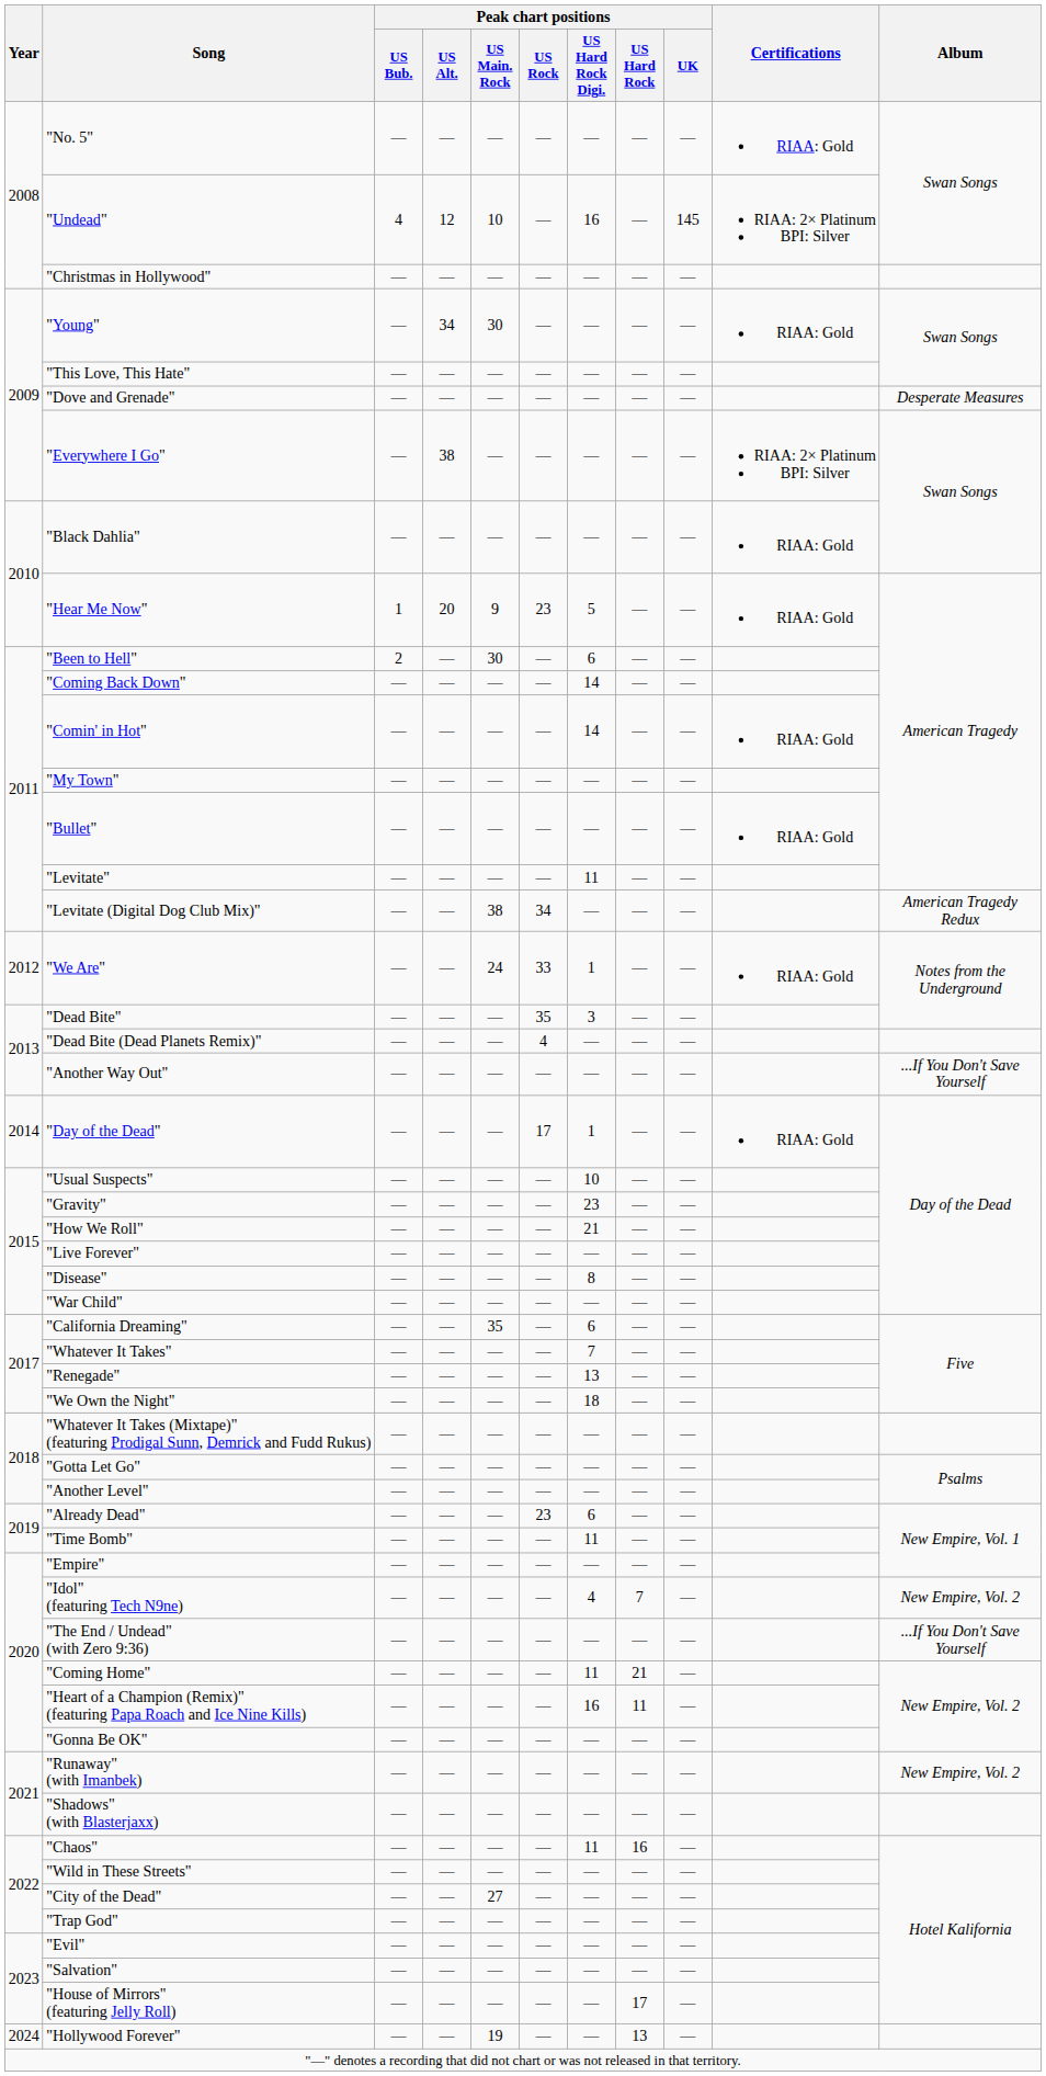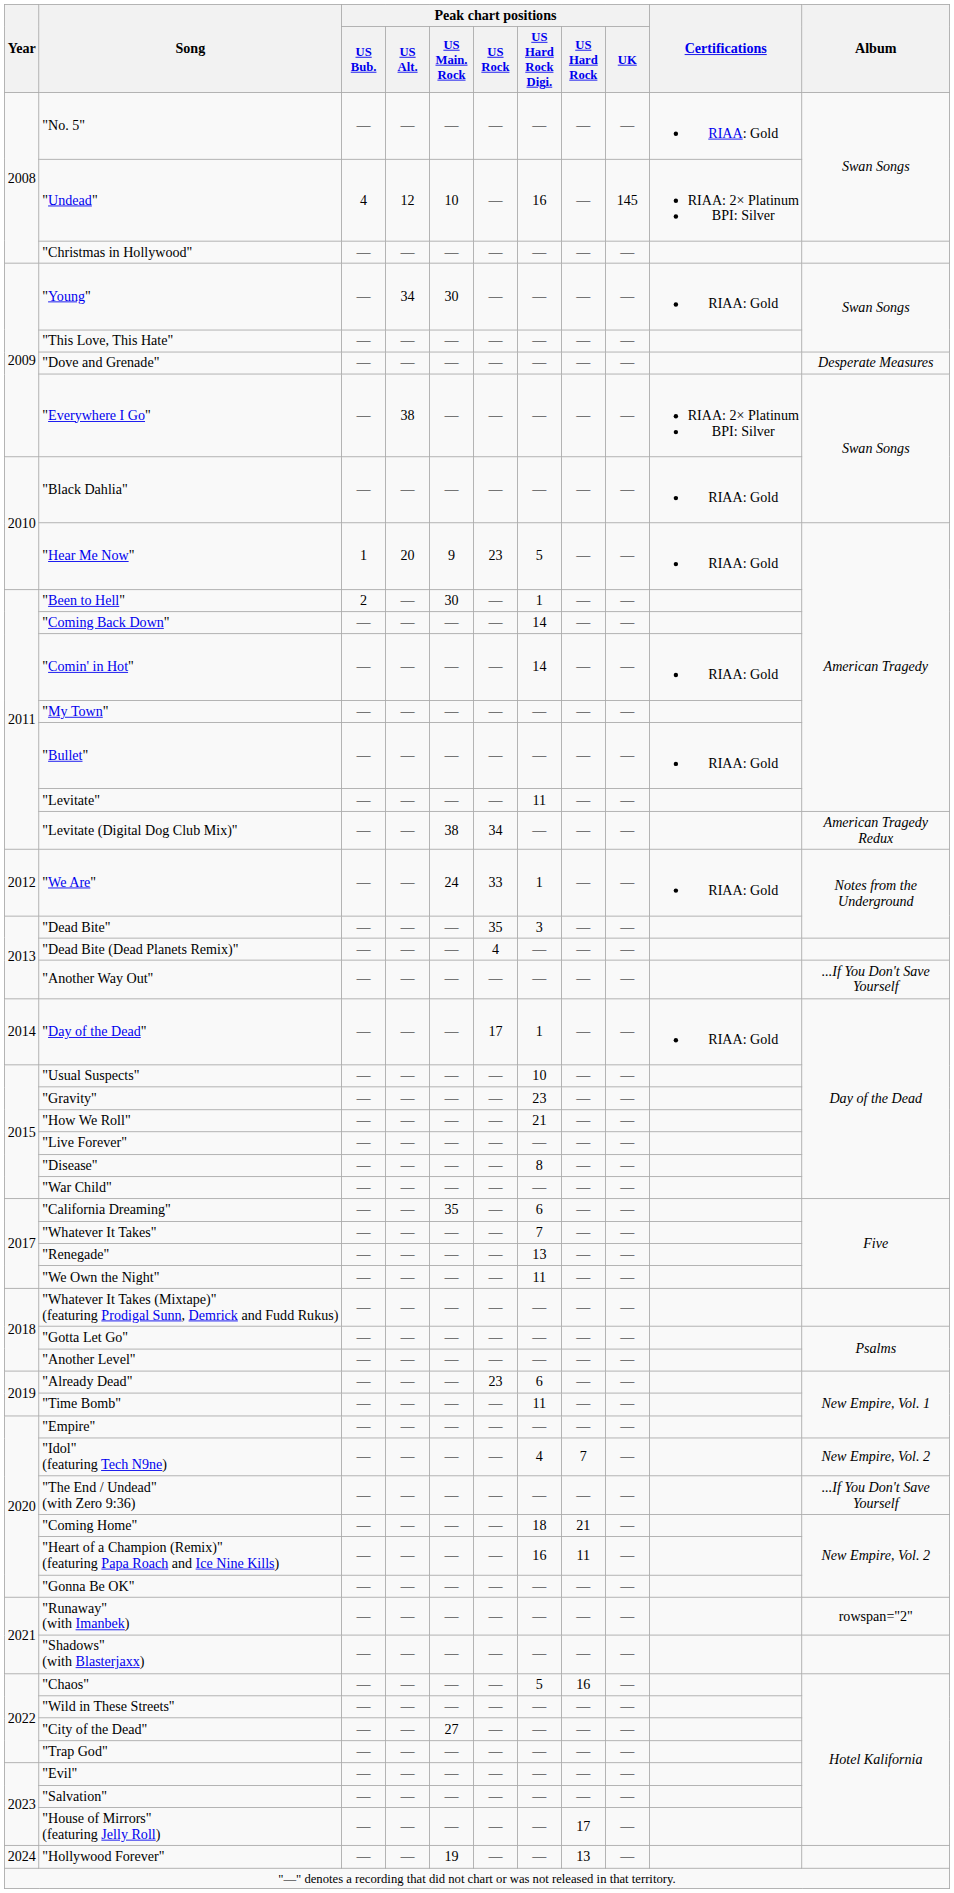 <table class="wikitable plainrowheaders" style="text-align:center;">
 <tr>
 <th scope="col" rowspan="2" style="2em">Year</th>
 <th scope="col" rowspan="2" style="16em">Song</th>
 <th scope="col" colspan="7">Peak chart positions</th>
 <th rowspan="2"><a href='#'>Certifications</a></th>
 <th scope="col" rowspan="2" style="width:10em;">Album</th>
 </tr>
 <tr>
 <th scope="col" style="width:3em;font-size:90%;"><a href='#'>US<br>Bub.</a><br></th>
 <th scope="col" style="width:3em;font-size:90%;"><a href='#'>US<br>Alt.</a><br></th>
 <th scope="col" style="width:3em;font-size:90%;"><a href='#'>US<br>Main. Rock</a><br></th>
 <th scope="col" style="width:3em;font-size:90%;"><a href='#'>US<br>Rock</a><br></th>
 <th scope="col" style="width:3em;font-size:90%;"><a href='#'>US Hard Rock Digi.</a></th>
 <th scope="col" style="width:3em;font-size:90%;"><a href='#'>US Hard Rock</a></th>
 <th scope="col" style="width:3em;font-size:90%;"><a href='#'>UK</a><br></th>
 </tr>
 <tr>
 <td rowspan="3">2008</td>
 <td scope="row" style="text-align:left;">"No. 5"</td>
 <td>—</td>
 <td>—</td>
 <td>—</td>
 <td>—</td>
 <td>—</td>
 <td>—</td>
 <td>—</td>
 <td><br><ul><li><a href='#'>RIAA</a>: Gold</li></ul></td>
 <td rowspan="2"><em>Swan Songs</em></td>
 </tr>
 <tr>
 <td scope="row" style="text-align:left;">"<a href='#'>Undead</a>"</td>
 <td>4</td>
 <td>12</td>
 <td>10</td>
 <td>—</td>
 <td>16</td>
 <td>—</td>
 <td>145</td>
 <td><br><ul><li>RIAA: 2× Platinum</li><li>BPI: Silver</li></ul></td>
 </tr>
 <tr>
 <td scope="row" style="text-align:left;">"Christmas in Hollywood"</td>
 <td>—</td>
 <td>—</td>
 <td>—</td>
 <td>—</td>
 <td>—</td>
 <td>—</td>
 <td>—</td>
 <td></td>
 <td></td>
 </tr>
 <tr>
 <td rowspan="4">2009</td>
 <td scope="row" style="text-align:left;">"<a href='#'>Young</a>"</td>
 <td>—</td>
 <td>34</td>
 <td>30</td>
 <td>—</td>
 <td>—</td>
 <td>—</td>
 <td>—</td>
 <td><br><ul><li>RIAA: Gold</li></ul></td>
 <td rowspan="2"><em>Swan Songs</em></td>
 </tr>
 <tr>
 <td scope="row" style="text-align:left;">"This Love, This Hate"</td>
 <td>—</td>
 <td>—</td>
 <td>—</td>
 <td>—</td>
 <td>—</td>
 <td>—</td>
 <td>—</td>
 <td></td>
 </tr>
 <tr>
 <td scope="row" style="text-align:left;">"Dove and Grenade"</td>
 <td>—</td>
 <td>—</td>
 <td>—</td>
 <td>—</td>
 <td>—</td>
 <td>—</td>
 <td>—</td>
 <td></td>
 <td><em>Desperate Measures</em></td>
 </tr>
 <tr>
 <td scope="row" style="text-align:left;">"<a href='#'>Everywhere I Go</a>"</td>
 <td>—</td>
 <td>38</td>
 <td>—</td>
 <td>—</td>
 <td>—</td>
 <td>—</td>
 <td>—</td>
 <td><br><ul><li>RIAA: 2× Platinum</li><li>BPI: Silver</li></ul></td>
 <td rowspan="2"><em>Swan Songs</em></td>
 </tr>
 <tr>
 <td rowspan="2">2010</td>
 <td scope="row" style="text-align:left;">"Black Dahlia"</td>
 <td>—</td>
 <td>—</td>
 <td>—</td>
 <td>—</td>
 <td>—</td>
 <td>—</td>
 <td>—</td>
 <td><br><ul><li>RIAA: Gold</li></ul></td>
 </tr>
 <tr>
 <td scope="row" style="text-align:left;">"<a href='#'>Hear Me Now</a>"</td>
 <td>1</td>
 <td>20</td>
 <td>9</td>
 <td>23</td>
 <td>5</td>
 <td>—</td>
 <td>—</td>
 <td><br><ul><li>RIAA: Gold</li></ul></td>
 <td rowspan="7"><em>American Tragedy</em></td>
 </tr>
 <tr>
 <td rowspan="7">2011</td>
 <td scope="row" style="text-align:left;">"<a href='#'>Been to Hell</a>"</td>
 <td>2</td>
 <td>—</td>
 <td>30</td>
 <td>—</td>
-<td>6</td>
+<td>1</td>
 <td>—</td>
 <td>—</td>
 <td></td>
 </tr>
 <tr>
 <td scope="row" style="text-align:left;">"<a href='#'>Coming Back Down</a>"</td>
 <td>—</td>
 <td>—</td>
 <td>—</td>
 <td>—</td>
 <td>14</td>
 <td>—</td>
 <td>—</td>
 <td></td>
 </tr>
 <tr>
 <td scope="row" style="text-align:left;">"<a href='#'>Comin' in Hot</a>"</td>
 <td>—</td>
 <td>—</td>
 <td>—</td>
 <td>—</td>
 <td>14</td>
 <td>—</td>
 <td>—</td>
 <td><br><ul><li>RIAA: Gold</li></ul></td>
 </tr>
 <tr>
 <td scope="row" style="text-align:left;">"<a href='#'>My Town</a>"</td>
 <td>—</td>
 <td>—</td>
 <td>—</td>
 <td>—</td>
 <td>—</td>
 <td>—</td>
 <td>—</td>
 <td></td>
 </tr>
 <tr>
 <td scope="row" style="text-align:left;">"<a href='#'>Bullet</a>"</td>
 <td>—</td>
 <td>—</td>
 <td>—</td>
 <td>—</td>
 <td>—</td>
 <td>—</td>
 <td>—</td>
 <td><br><ul><li>RIAA: Gold</li></ul></td>
 </tr>
 <tr>
 <td scope="row" style="text-align:left;">"Levitate"</td>
 <td>—</td>
 <td>—</td>
 <td>—</td>
 <td>—</td>
 <td>11</td>
 <td>—</td>
 <td>—</td>
 <td></td>
 </tr>
 <tr>
 <td scope="row" style="text-align:left;">"Levitate (Digital Dog Club Mix)"</td>
 <td>—</td>
 <td>—</td>
 <td>38</td>
 <td>34</td>
 <td>—</td>
 <td>—</td>
 <td>—</td>
 <td></td>
 <td><em>American Tragedy Redux</em></td>
 </tr>
 <tr>
 <td>2012</td>
 <td scope="row" style="text-align:left;">"<a href='#'>We Are</a>"</td>
 <td>—</td>
 <td>—</td>
 <td>24</td>
 <td>33</td>
 <td>1</td>
 <td>—</td>
 <td>—</td>
 <td><br><ul><li>RIAA: Gold</li></ul></td>
 <td rowspan="2"><em>Notes from the Underground</em></td>
 </tr>
 <tr>
 <td rowspan="3">2013</td>
 <td scope="row" style="text-align:left;">"Dead Bite"</td>
 <td>—</td>
 <td>—</td>
 <td>—</td>
 <td>35</td>
 <td>3</td>
 <td>—</td>
 <td>—</td>
 <td></td>
 </tr>
 <tr>
 <td scope="row" style="text-align:left;">"Dead Bite (Dead Planets Remix)"</td>
 <td>—</td>
 <td>—</td>
 <td>—</td>
 <td>4</td>
 <td>—</td>
 <td>—</td>
 <td>—</td>
 <td></td>
 <td></td>
 </tr>
 <tr>
 <td scope="row" style="text-align:left;">"Another Way Out"</td>
 <td>—</td>
 <td>—</td>
 <td>—</td>
 <td>—</td>
 <td>—</td>
 <td>—</td>
 <td>—</td>
 <td></td>
 <td><em>...If You Don't Save Yourself</em></td>
 </tr>
 <tr>
 <td>2014</td>
 <td scope="row" style="text-align:left;">"<a href='#'>Day of the Dead</a>"</td>
 <td>—</td>
 <td>—</td>
 <td>—</td>
 <td>17</td>
 <td>1</td>
 <td>—</td>
 <td>—</td>
 <td><br><ul><li>RIAA: Gold</li></ul></td>
 <td rowspan="7"><em>Day of the Dead</em></td>
 </tr>
 <tr>
 <td rowspan="6">2015</td>
 <td scope="row" style="text-align:left;">"Usual Suspects"</td>
 <td>—</td>
 <td>—</td>
 <td>—</td>
 <td>—</td>
 <td>10</td>
 <td>—</td>
 <td>—</td>
 <td></td>
 </tr>
 <tr>
 <td scope="row" style="text-align:left;">"Gravity"</td>
 <td>—</td>
 <td>—</td>
 <td>—</td>
 <td>—</td>
 <td>23</td>
 <td>—</td>
 <td>—</td>
 <td></td>
 </tr>
 <tr>
 <td scope="row" style="text-align:left;">"How We Roll"</td>
 <td>—</td>
 <td>—</td>
 <td>—</td>
 <td>—</td>
 <td>21</td>
 <td>—</td>
 <td>—</td>
 <td></td>
 </tr>
 <tr>
 <td scope="row" style="text-align:left;">"Live Forever"</td>
 <td>—</td>
 <td>—</td>
 <td>—</td>
 <td>—</td>
 <td>—</td>
 <td>—</td>
 <td>—</td>
 <td></td>
 </tr>
 <tr>
 <td scope="row" style="text-align:left;">"Disease"</td>
 <td>—</td>
 <td>—</td>
 <td>—</td>
 <td>—</td>
 <td>8</td>
 <td>—</td>
 <td>—</td>
 <td></td>
 </tr>
 <tr>
 <td scope="row" style="text-align:left;">"War Child"</td>
 <td>—</td>
 <td>—</td>
 <td>—</td>
 <td>—</td>
 <td>—</td>
 <td>—</td>
 <td>—</td>
 <td></td>
 </tr>
 <tr>
 <td rowspan="4">2017</td>
 <td scope="row" style="text-align:left;">"California Dreaming"</td>
 <td>—</td>
 <td>—</td>
 <td>35</td>
 <td>—</td>
 <td>6</td>
 <td>—</td>
 <td>—</td>
 <td></td>
 <td rowspan="4"><em>Five</em></td>
 </tr>
 <tr>
 <td scope="row" style="text-align:left;">"Whatever It Takes"</td>
 <td>—</td>
 <td>—</td>
 <td>—</td>
 <td>—</td>
 <td>7</td>
 <td>—</td>
 <td>—</td>
 <td></td>
 </tr>
 <tr>
 <td scope="row" style="text-align:left;">"Renegade"</td>
 <td>—</td>
 <td>—</td>
 <td>—</td>
 <td>—</td>
 <td>13</td>
 <td>—</td>
 <td>—</td>
 <td></td>
 </tr>
 <tr>
 <td scope="row" style="text-align:left;">"We Own the Night"</td>
 <td>—</td>
 <td>—</td>
 <td>—</td>
 <td>—</td>
-<td>18</td>
+<td>11</td>
 <td>—</td>
 <td>—</td>
 <td></td>
 </tr>
 <tr>
 <td rowspan="3">2018</td>
 <td scope="row" style="text-align:left;">"Whatever It Takes (Mixtape)"<br><span>(featuring <a href='#'>Prodigal Sunn</a>, <a href='#'>Demrick</a> and Fudd Rukus)</span></td>
 <td>—</td>
 <td>—</td>
 <td>—</td>
 <td>—</td>
 <td>—</td>
 <td>—</td>
 <td>—</td>
 <td></td>
 <td></td>
 </tr>
 <tr>
 <td scope="row" style="text-align:left;">"Gotta Let Go"</td>
 <td>—</td>
 <td>—</td>
 <td>—</td>
 <td>—</td>
 <td>—</td>
 <td>—</td>
 <td>—</td>
 <td></td>
 <td rowspan="2"><em>Psalms</em></td>
 </tr>
 <tr>
 <td scope="row" style="text-align:left;">"Another Level"</td>
 <td>—</td>
 <td>—</td>
 <td>—</td>
 <td>—</td>
 <td>—</td>
 <td>—</td>
 <td>—</td>
 <td></td>
 </tr>
 <tr>
 <td rowspan="2">2019</td>
 <td scope="row" style="text-align:left;">"Already Dead"</td>
 <td>—</td>
 <td>—</td>
 <td>—</td>
 <td>23</td>
 <td>6</td>
 <td>—</td>
 <td>—</td>
 <td></td>
 <td rowspan="3"><em>New Empire, Vol. 1</em></td>
 </tr>
 <tr>
 <td scope="row" style="text-align:left;">"Time Bomb"</td>
 <td>—</td>
 <td>—</td>
 <td>—</td>
 <td>—</td>
 <td>11</td>
 <td>—</td>
 <td>—</td>
 <td></td>
 </tr>
 <tr>
 <td rowspan="6">2020</td>
 <td scope="row" style="text-align:left;">"Empire"</td>
 <td>—</td>
 <td>—</td>
 <td>—</td>
 <td>—</td>
 <td>—</td>
 <td>—</td>
 <td>—</td>
 <td></td>
 </tr>
 <tr>
 <td scope="row" style="text-align:left;">"Idol"<br><span>(featuring <a href='#'>Tech N9ne</a>)</span></td>
 <td>—</td>
 <td>—</td>
 <td>—</td>
 <td>—</td>
 <td>4</td>
 <td>7</td>
 <td>—</td>
 <td></td>
 <td><em>New Empire, Vol. 2</em></td>
 </tr>
 <tr>
 <td scope="row" style="text-align:left;">"The End / Undead"<br><span>(with Zero 9:36)</span></td>
 <td>—</td>
 <td>—</td>
 <td>—</td>
 <td>—</td>
 <td>—</td>
 <td>—</td>
 <td>—</td>
 <td></td>
 <td><em>...If You Don't Save Yourself</em></td>
 </tr>
 <tr>
 <td scope="row" style="text-align:left;">"Coming Home"</td>
 <td>—</td>
 <td>—</td>
 <td>—</td>
 <td>—</td>
-<td>11</td>
+<td>18</td>
 <td>21</td>
 <td>—</td>
 <td></td>
 <td rowspan="3"><em>New Empire, Vol. 2</em></td>
 </tr>
 <tr>
 <td scope="row" style="text-align:left;">"Heart of a Champion (Remix)"<br><span>(featuring <a href='#'>Papa Roach</a> and <a href='#'>Ice Nine Kills</a>)</span></td>
 <td>—</td>
 <td>—</td>
 <td>—</td>
 <td>—</td>
 <td>16</td>
 <td>11</td>
 <td>—</td>
 <td></td>
 </tr>
 <tr>
 <td scope="row" style="text-align:left;">"Gonna Be OK"</td>
 <td>—</td>
 <td>—</td>
 <td>—</td>
 <td>—</td>
 <td>—</td>
 <td>—</td>
 <td>—</td>
 <td></td>
 </tr>
 <tr>
 <td rowspan="2">2021</td>
 <td scope="row" style="text-align:left;">"Runaway"<br><span>(with <a href='#'>Imanbek</a>)</span></td>
 <td>—</td>
 <td>—</td>
 <td>—</td>
 <td>—</td>
 <td>—</td>
 <td>—</td>
 <td>—</td>
 <td></td>
-<td><em>New Empire, Vol. 2</em></td>
+<td>rowspan="2" </td>
 </tr>
 <tr>
 <td scope="row" style="text-align:left;">"Shadows" <br><span>(with <a href='#'>Blasterjaxx</a>)</span></td>
 <td>—</td>
 <td>—</td>
 <td>—</td>
 <td>—</td>
 <td>—</td>
 <td>—</td>
 <td>—</td>
 <td></td>
 </tr>
 <tr>
 <td rowspan="4">2022</td>
 <td scope="row" style="text-align:left;">"Chaos"</td>
 <td>—</td>
 <td>—</td>
 <td>—</td>
 <td>—</td>
-<td>11</td>
+<td>5</td>
 <td>16</td>
 <td>—</td>
 <td></td>
 <td rowspan="7"><em>Hotel Kalifornia</em></td>
 </tr>
 <tr>
 <td scope="row" style="text-align:left;">"Wild in These Streets"</td>
 <td>—</td>
 <td>—</td>
 <td>—</td>
 <td>—</td>
 <td>—</td>
 <td>—</td>
 <td>—</td>
 <td></td>
 </tr>
 <tr>
 <td scope="row" style="text-align:left;">"City of the Dead"</td>
 <td>—</td>
 <td>—</td>
 <td>27</td>
 <td>—</td>
 <td>—</td>
 <td>—</td>
 <td>—</td>
 <td></td>
 </tr>
 <tr>
 <td scope="row" style="text-align:left;">"Trap God"</td>
 <td>—</td>
 <td>—</td>
 <td>—</td>
 <td>—</td>
 <td>—</td>
 <td>—</td>
 <td>—</td>
 <td></td>
 </tr>
 <tr>
 <td rowspan="3">2023</td>
 <td scope="row" style="text-align:left;">"Evil"</td>
 <td>—</td>
 <td>—</td>
 <td>—</td>
 <td>—</td>
 <td>—</td>
 <td>—</td>
 <td>—</td>
 <td></td>
 </tr>
 <tr>
 <td scope="row" style="text-align:left;">"Salvation"</td>
 <td>—</td>
 <td>—</td>
 <td>—</td>
 <td>—</td>
 <td>—</td>
 <td>—</td>
 <td>—</td>
 <td></td>
 </tr>
 <tr>
 <td scope="row" style="text-align:left;">"House of Mirrors"<br><span>(featuring <a href='#'>Jelly Roll</a>)</span></td>
 <td>—</td>
 <td>—</td>
 <td>—</td>
 <td>—</td>
 <td>—</td>
 <td>17</td>
 <td>—</td>
 <td></td>
 </tr>
 <tr>
 <td>2024</td>
 <td scope="row" style="text-align:left;">"Hollywood Forever"</td>
 <td>—</td>
 <td>—</td>
 <td>19</td>
 <td>—</td>
 <td>—</td>
 <td>13</td>
 <td>—</td>
 <td></td>
 <td></td>
 </tr>
 <tr>
 <td colspan="11" style="font-size:90%">"—" denotes a recording that did not chart or was not released in that territory.</td>
 </tr>
 </table>
